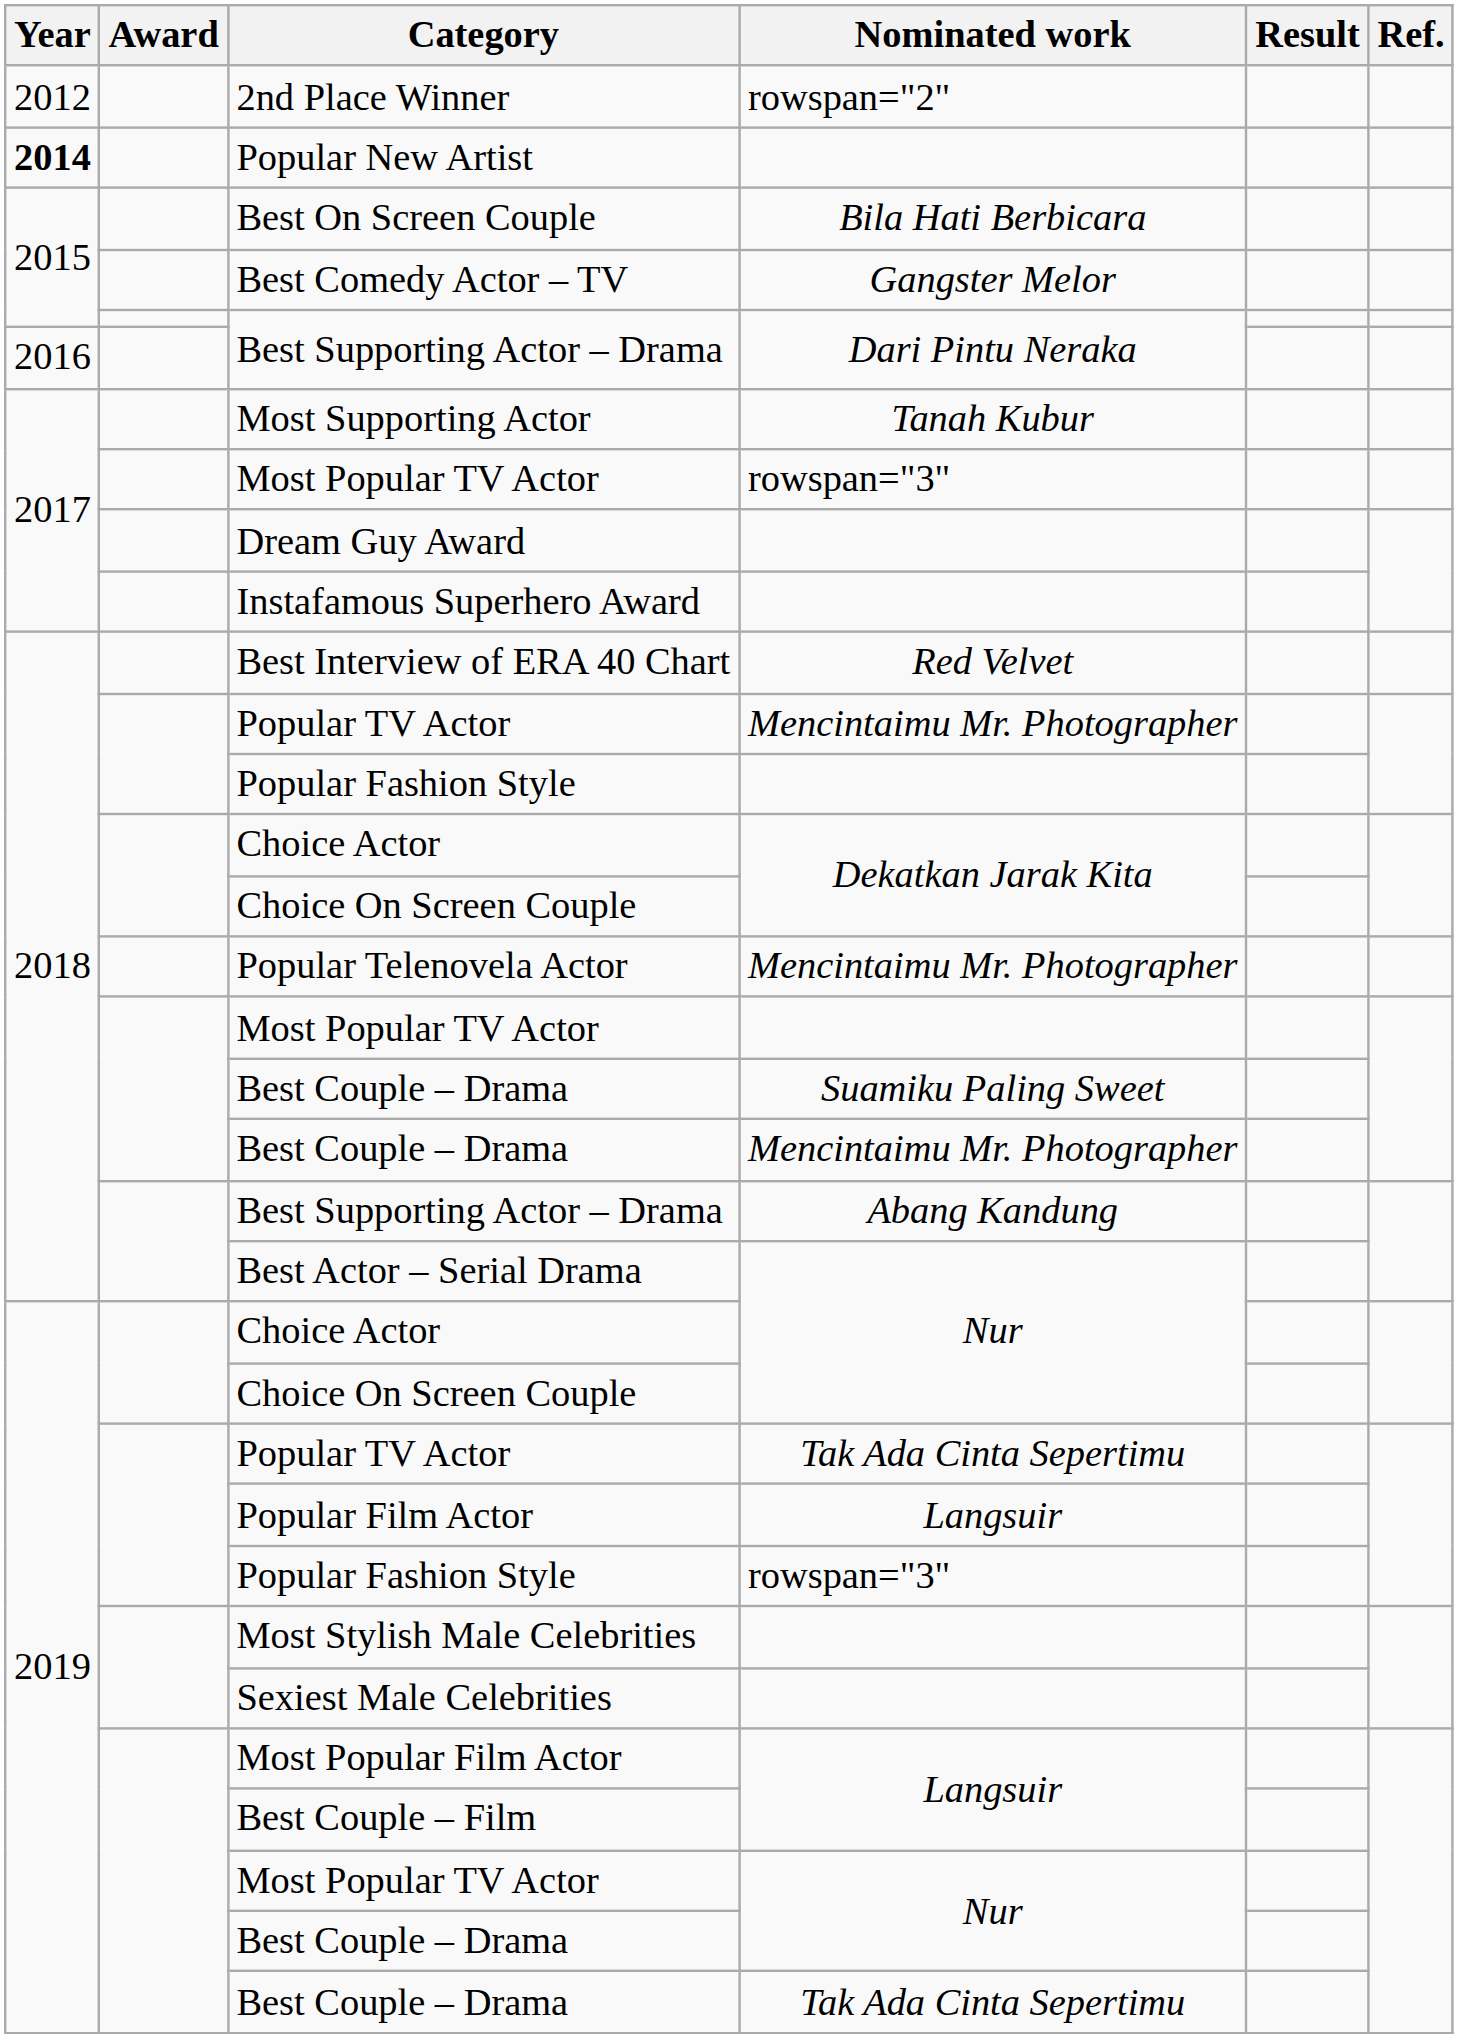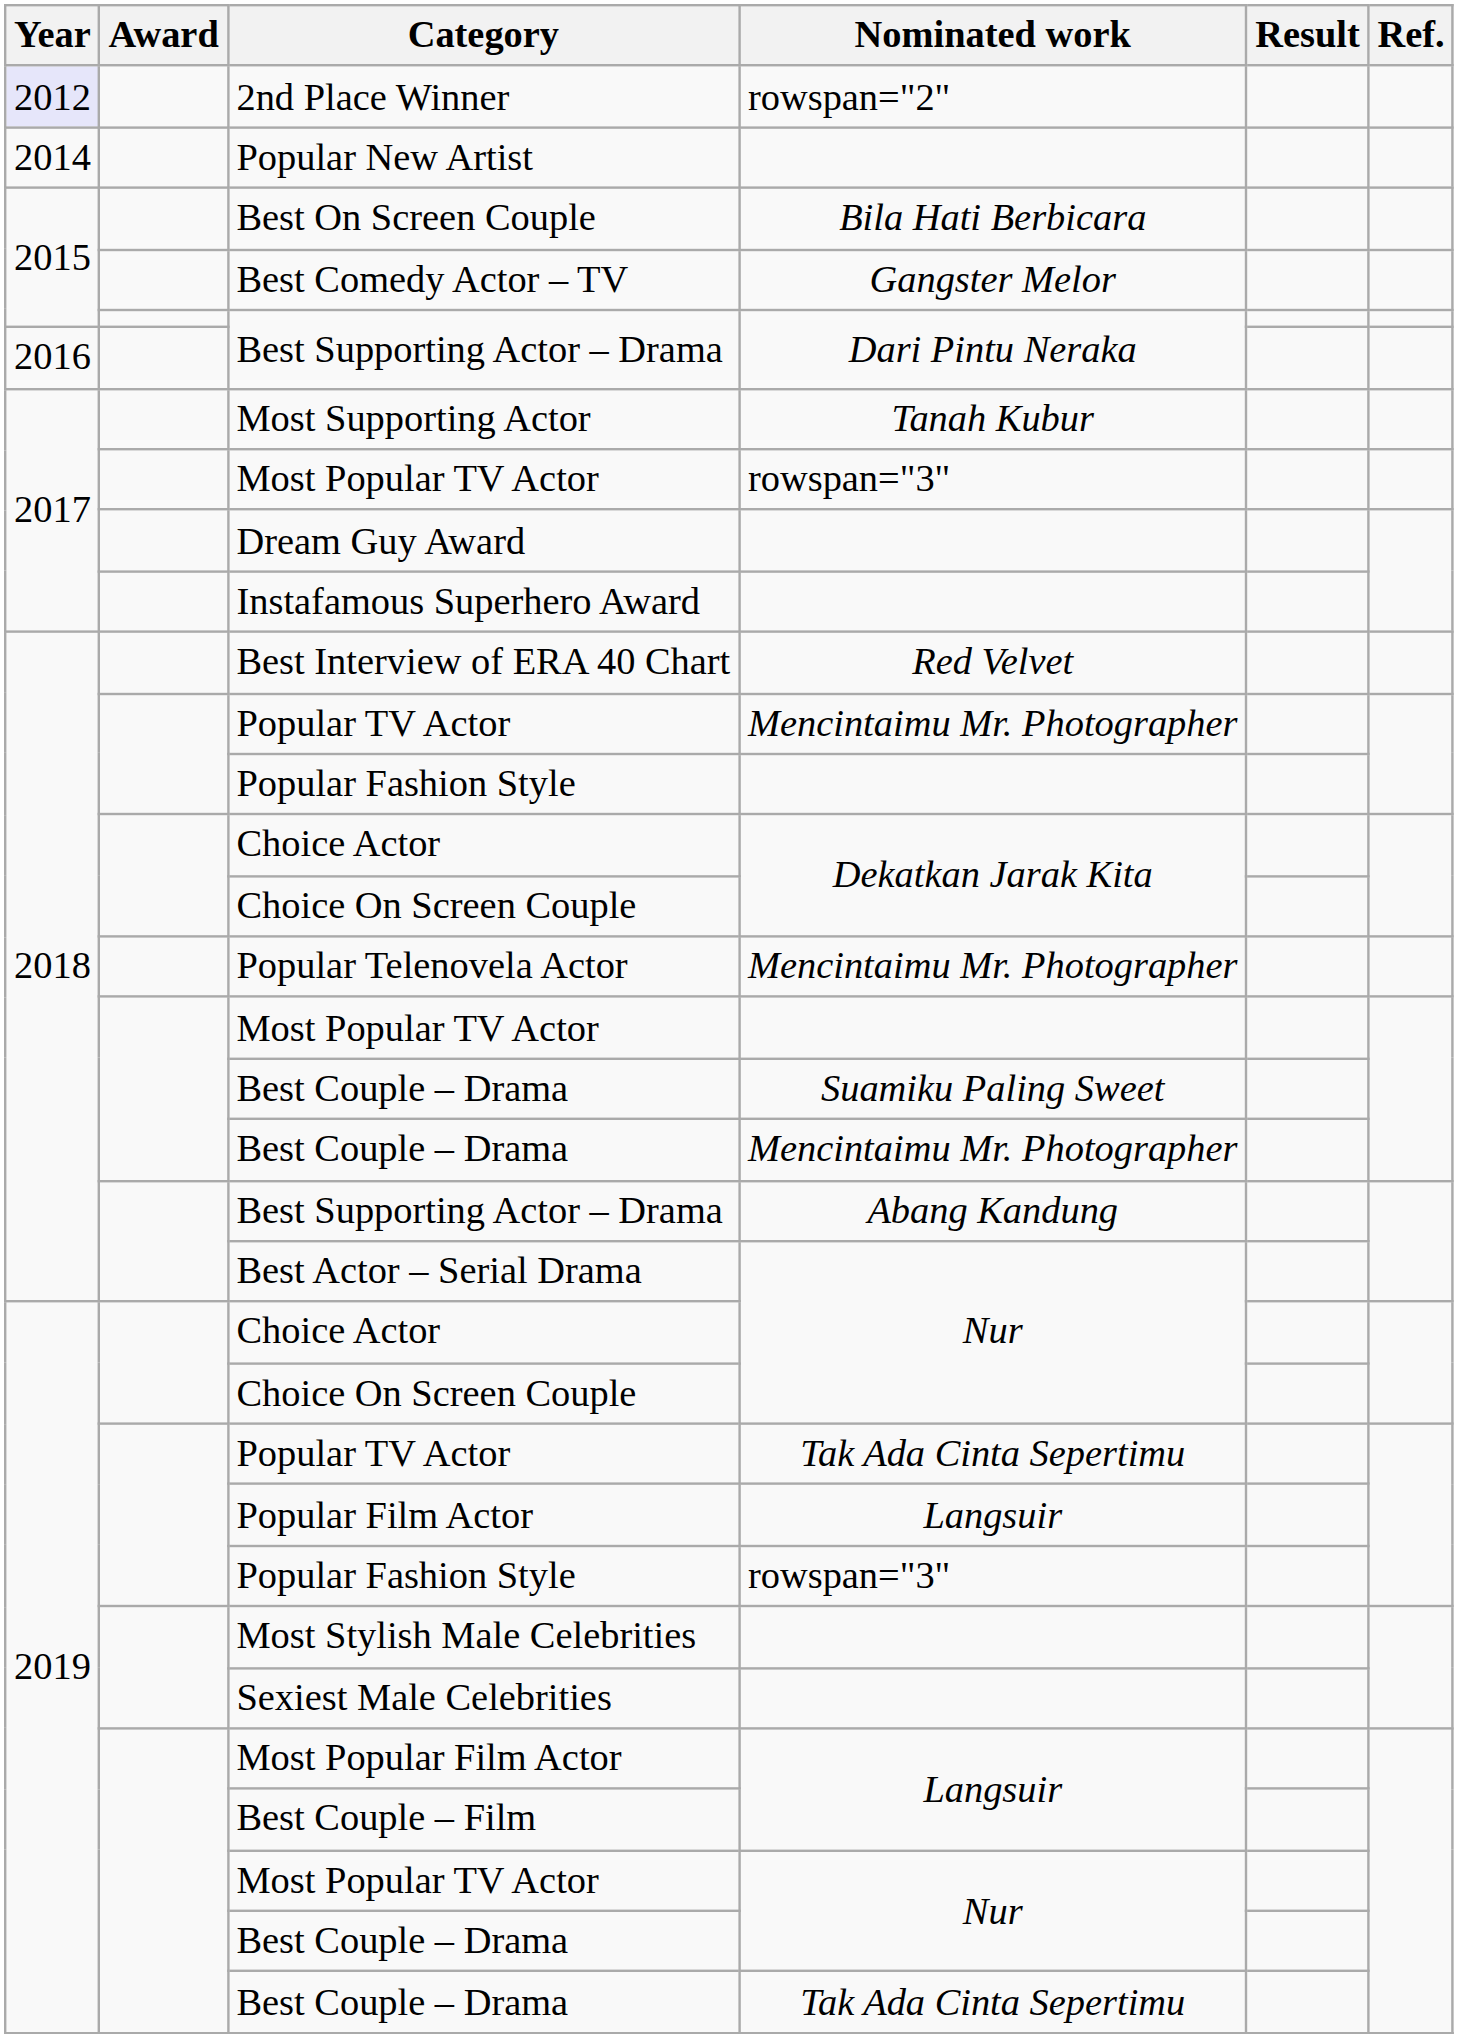 <table class="wikitable">
 <tr style="text-align:center;">
 <th>Year</th>
 <th>Award</th>
 <th>Category</th>
 <th>Nominated work</th>
 <th>Result</th>
 <th>Ref.</th>
 </tr>
 <tr>
-<td>2012</td>
+<td style="background: lavender;">2012</td>
 <td></td>
 <td>2nd Place Winner</td>
 <td>rowspan="2" </td>
 <td></td>
 <td></td>
 </tr>
 <tr>
-<td><strong>2014</strong></td>
+<td>2014</td>
 <td></td>
 <td>Popular New Artist</td>
 <td></td>
 <td></td>
 </tr>
 <tr>
 <td rowspan="3">2015</td>
 <td></td>
 <td>Best On Screen Couple </td>
 <td style="text-align:center;"><em>Bila Hati Berbicara</em></td>
 <td></td>
 <td></td>
 </tr>
 <tr>
 <td></td>
 <td>Best Comedy Actor – TV</td>
 <td style="text-align:center;"><em>Gangster Melor</em></td>
 <td></td>
 <td></td>
 </tr>
 <tr>
 <td></td>
 <td rowspan="2">Best Supporting Actor – Drama</td>
 <td rowspan="2" style="text-align:center;"><em>Dari Pintu Neraka</em></td>
 <td></td>
 <td></td>
 </tr>
 <tr>
 <td>2016</td>
 <td></td>
 <td></td>
 <td></td>
 </tr>
 <tr>
 <td rowspan="4">2017</td>
 <td></td>
 <td>Most Supporting Actor</td>
 <td style="text-align:center;"><em>Tanah Kubur</em></td>
 <td></td>
 <td></td>
 </tr>
 <tr>
 <td></td>
 <td>Most Popular TV Actor</td>
 <td>rowspan="3" </td>
 <td></td>
 <td></td>
 </tr>
 <tr>
 <td></td>
 <td>Dream Guy Award</td>
 <td></td>
 <td></td>
 </tr>
 <tr>
 <td></td>
 <td>Instafamous Superhero Award</td>
 <td></td>
 <td></td>
 </tr>
 <tr>
 <td rowspan="11">2018</td>
 <td></td>
 <td>Best Interview of ERA 40 Chart </td>
 <td style="text-align:center;"><em>Red Velvet</em></td>
 <td></td>
 <td></td>
 </tr>
 <tr>
 <td rowspan="2"></td>
 <td>Popular TV Actor</td>
 <td style="text-align:center;"><em>Mencintaimu Mr. Photographer</em></td>
 <td></td>
 <td rowspan="2"></td>
 </tr>
 <tr>
 <td>Popular Fashion Style</td>
 <td></td>
 <td></td>
 </tr>
 <tr>
 <td rowspan="2"></td>
 <td>Choice Actor</td>
 <td rowspan="2" style="text-align:center;"><em>Dekatkan Jarak Kita</em></td>
 <td></td>
 <td rowspan="2"></td>
 </tr>
 <tr>
 <td>Choice On Screen Couple </td>
 <td></td>
 </tr>
 <tr>
 <td></td>
 <td>Popular Telenovela Actor</td>
 <td style="text-align:center;"><em>Mencintaimu Mr. Photographer</em></td>
 <td></td>
 <td></td>
 </tr>
 <tr>
 <td rowspan="3"></td>
 <td>Most Popular TV Actor</td>
 <td></td>
 <td></td>
 <td rowspan="3"></td>
 </tr>
 <tr>
 <td>Best Couple – Drama </td>
 <td style="text-align:center;"><em>Suamiku Paling Sweet</em></td>
 <td></td>
 </tr>
 <tr>
 <td>Best Couple – Drama </td>
 <td style="text-align:center;"><em>Mencintaimu Mr. Photographer</em></td>
 <td></td>
 </tr>
 <tr>
 <td rowspan="2"></td>
 <td>Best Supporting Actor – Drama</td>
 <td style="text-align:center;"><em>Abang Kandung</em></td>
 <td></td>
 <td rowspan="2"></td>
 </tr>
 <tr>
 <td>Best Actor – Serial Drama</td>
 <td rowspan="3" style="text-align:center;"><em>Nur</em></td>
 <td></td>
 </tr>
 <tr>
 <td rowspan="12">2019</td>
 <td rowspan="2"></td>
 <td>Choice Actor</td>
 <td></td>
 <td rowspan="2"></td>
 </tr>
 <tr>
 <td>Choice On Screen Couple </td>
 <td></td>
 </tr>
 <tr>
 <td rowspan="3"></td>
 <td>Popular TV Actor</td>
 <td style="text-align:center;"><em>Tak Ada Cinta Sepertimu</em></td>
 <td></td>
 <td rowspan="3"></td>
 </tr>
 <tr>
 <td>Popular Film Actor</td>
 <td style="text-align:center;"><em>Langsuir</em></td>
 <td></td>
 </tr>
 <tr>
 <td>Popular Fashion Style</td>
 <td>rowspan="3" </td>
 <td></td>
 </tr>
 <tr>
 <td rowspan="2"></td>
 <td>Most Stylish Male Celebrities</td>
 <td></td>
 <td></td>
 </tr>
 <tr>
 <td>Sexiest Male Celebrities</td>
 <td></td>
 <td></td>
 </tr>
 <tr>
 <td rowspan="5"></td>
 <td>Most Popular Film Actor</td>
 <td rowspan="2" style="text-align:center;"><em>Langsuir</em></td>
 <td></td>
 <td rowspan="5"></td>
 </tr>
 <tr>
 <td>Best Couple – Film </td>
 <td></td>
 </tr>
 <tr>
 <td>Most Popular TV Actor</td>
 <td rowspan="2" style="text-align:center;"><em>Nur</em></td>
 <td></td>
 </tr>
 <tr>
 <td>Best Couple – Drama </td>
 <td></td>
 </tr>
 <tr>
 <td>Best Couple – Drama </td>
 <td style="text-align:center;"><em>Tak Ada Cinta Sepertimu</em></td>
 <td></td>
 </tr>
 <tr>
 </tr>
 </table>
